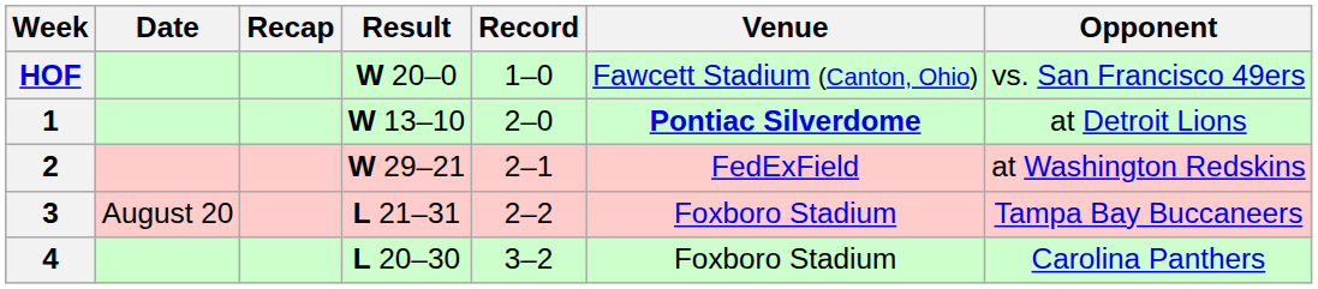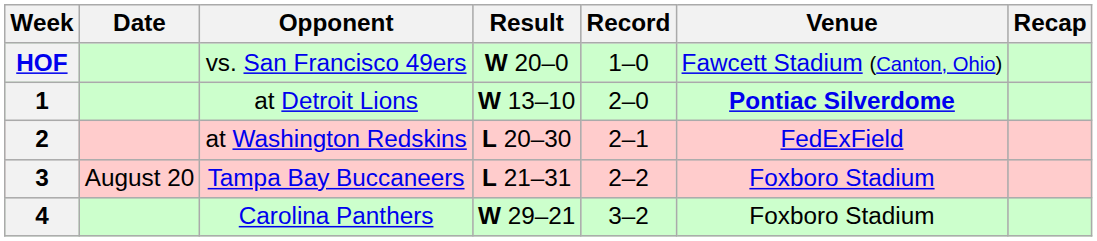 <table class="wikitable" style="text-align:center">
 <tr>
 <th>Week</th>
 <th>Date</th>
-<th>Recap</th>
+<th>Opponent</th>
 <th>Result</th>
 <th>Record</th>
 <th>Venue</th>
-<th>Opponent</th>
+<th>Recap</th>
 </tr>
 <tr style="background: #cfc;">
 <th><a href='#'>HOF</a></th>
 <td></td>
-<td></td>
+<td>vs. <a href='#'>San Francisco 49ers</a></td>
 <td><strong>W</strong> 20–0</td>
 <td>1–0</td>
 <td><a href='#'>Fawcett Stadium</a> <small>(<a href='#'>Canton, Ohio</a>)</small></td>
-<td>vs. <a href='#'>San Francisco 49ers</a></td>
+<td></td>
 </tr>
 <tr style="background: #cfc;">
 <th>1</th>
 <td></td>
-<td></td>
+<td>at <a href='#'>Detroit Lions</a></td>
 <td><strong>W</strong> 13–10</td>
 <td>2–0</td>
 <td><strong><a href='#'>Pontiac Silverdome</a></strong></td>
-<td>at <a href='#'>Detroit Lions</a></td>
+<td></td>
 </tr>
 <tr style="background: #fcc;">
 <th>2</th>
 <td></td>
-<td></td>
-<td><strong>W</strong> 29–21</td>
+<td>at <a href='#'>Washington Redskins</a></td>
+<td><strong>L</strong> 20–30</td>
 <td>2–1</td>
 <td><a href='#'>FedExField</a></td>
-<td>at <a href='#'>Washington Redskins</a></td>
+<td></td>
 </tr>
 <tr style="background: #fcc;">
 <th>3</th>
 <td>August 20</td>
-<td></td>
+<td><a href='#'>Tampa Bay Buccaneers</a></td>
 <td><strong>L</strong> 21–31</td>
 <td>2–2</td>
 <td><a href='#'>Foxboro Stadium</a></td>
-<td><a href='#'>Tampa Bay Buccaneers</a></td>
+<td></td>
 </tr>
 <tr style="background: #cfc;">
 <th>4</th>
 <td></td>
-<td></td>
-<td><strong>L</strong> 20–30</td>
+<td><a href='#'>Carolina Panthers</a></td>
+<td><strong>W</strong> 29–21</td>
 <td>3–2</td>
 <td>Foxboro Stadium</td>
-<td><a href='#'>Carolina Panthers</a></td>
+<td></td>
 </tr>
 </table>
